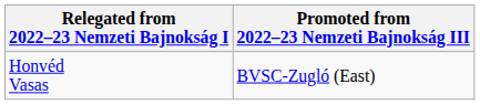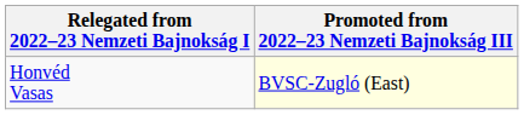 <table class="wikitable">
 <tr>
 <th>Relegated from<br><a href='#'>2022–23 Nemzeti Bajnokság I</a></th>
 <th>Promoted from<br><a href='#'>2022–23 Nemzeti Bajnokság III</a></th>
 </tr>
 <tr>
 <td> <a href='#'>Honvéd</a><br> <a href='#'>Vasas</a></td>
-<td> <a href='#'>BVSC-Zugló</a> (East)</td>
+<td style="background: lightyellow;"> <a href='#'>BVSC-Zugló</a> (East)</td>
 </tr>
 </table>
